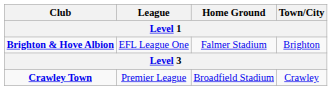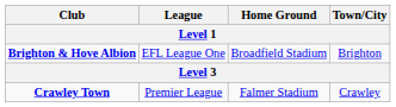 <table class="wikitable" border="1" style="text-align:center;">
 <tr>
 <th>Club</th>
 <th>League</th>
 <th>Home Ground</th>
 <th>Town/City</th>
 </tr>
 <tr>
 <th colspan=5><a href='#'>Level</a> 1</th>
 </tr>
 <tr>
 <td><strong><a href='#'>Brighton & Hove Albion</a></strong></td>
 <td><a href='#'>EFL League One</a></td>
-<td><a href='#'>Falmer Stadium</a></td>
+<td><a href='#'>Broadfield Stadium</a></td>
 <td><a href='#'>Brighton</a></td>
 </tr>
 <tr>
 <th colspan=5><a href='#'>Level</a> 3</th>
 </tr>
 <tr>
 <td><strong><a href='#'>Crawley Town</a></strong></td>
 <td><a href='#'>Premier League</a></td>
-<td><a href='#'>Broadfield Stadium</a></td>
+<td><a href='#'>Falmer Stadium</a></td>
 <td><a href='#'>Crawley</a></td>
 </tr>
 </table>
